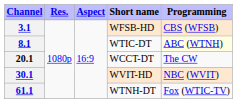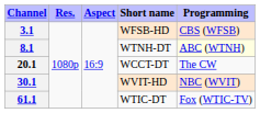 <table class="wikitable">
 <tr>
 <th style="background-color: #bdbdff"  scope = "col"><a href='#'>Channel</a></th>
 <th style="background-color: #bdbdff"  scope = "col"><a href='#'>Res.</a></th>
 <th style="background-color: #bdbdff"  scope = "col"><a href='#'>Aspect</a></th>
 <th style="background-color: #bdbdff"  scope = "col">Short name</th>
 <th style="background-color: #bdbdff"  scope = "col">Programming</th>
 </tr>
 <tr>
 <th scope = "row"><a href='#'>3.1</a></th>
 <td rowspan=5><a href='#'>1080p</a></td>
 <td rowspan=5><a href='#'>16:9</a></td>
 <td style="background-color:#ffe8d0">WFSB-HD</td>
 <td style="background-color:#ffe8d0"><a href='#'>CBS</a> (<a href='#'>WFSB</a>) </td>
 </tr>
 <tr>
 <th scope = "row"><a href='#'>8.1</a></th>
-<td>WTIC-DT</td>
+<td>WTNH-DT</td>
 <td style="background: lightyellow;"><a href='#'>ABC</a> (<a href='#'>WTNH</a>)</td>
 </tr>
 <tr>
 <th scope = "row">20.1</th>
 <td>WCCT-DT</td>
 <td><a href='#'>The CW</a></td>
 </tr>
 <tr>
 <th scope = "row"><a href='#'>30.1</a></th>
 <td style="background-color: #ffe8d0">WVIT-HD</td>
 <td style="background-color: #ffe8d0"><a href='#'>NBC</a> (<a href='#'>WVIT</a>) </td>
 </tr>
 <tr>
 <th scope = "row"><a href='#'>61.1</a></th>
-<td>WTNH-DT</td>
+<td>WTIC-DT</td>
 <td><a href='#'>Fox</a>  (<a href='#'>WTIC-TV</a>)</td>
 </tr>
 </table>
